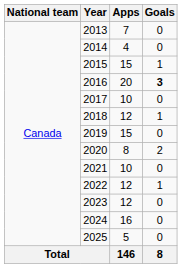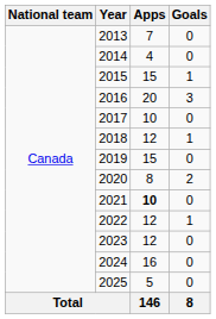 <table class="wikitable" style="text-align:center">
 <tr>
 <th>National team</th>
 <th>Year</th>
 <th>Apps</th>
 <th>Goals</th>
 </tr>
 <tr>
 <td rowspan="13"><a href='#'>Canada</a></td>
 <td>2013</td>
 <td>7</td>
 <td>0</td>
 </tr>
 <tr>
 <td>2014</td>
 <td>4</td>
 <td>0</td>
 </tr>
 <tr>
 <td>2015</td>
 <td>15</td>
 <td>1</td>
 </tr>
 <tr>
 <td>2016</td>
 <td>20</td>
-<td><strong>3</strong></td>
+<td>3</td>
 </tr>
 <tr>
 <td>2017</td>
 <td>10</td>
 <td>0</td>
 </tr>
 <tr>
 <td>2018</td>
 <td>12</td>
 <td>1</td>
 </tr>
 <tr>
 <td>2019</td>
 <td>15</td>
 <td>0</td>
 </tr>
 <tr>
 <td>2020</td>
 <td>8</td>
 <td>2</td>
 </tr>
 <tr>
 <td>2021</td>
-<td>10</td>
+<td><strong>10</strong></td>
 <td>0</td>
 </tr>
 <tr>
 <td>2022</td>
 <td>12</td>
 <td>1</td>
 </tr>
 <tr>
 <td>2023</td>
 <td>12</td>
 <td>0</td>
 </tr>
 <tr>
 <td>2024</td>
 <td>16</td>
 <td>0</td>
 </tr>
 <tr>
 <td>2025</td>
 <td>5</td>
 <td>0</td>
 </tr>
 <tr>
 <th colspan="2">Total</th>
 <th>146</th>
 <th>8</th>
 </tr>
 </table>
